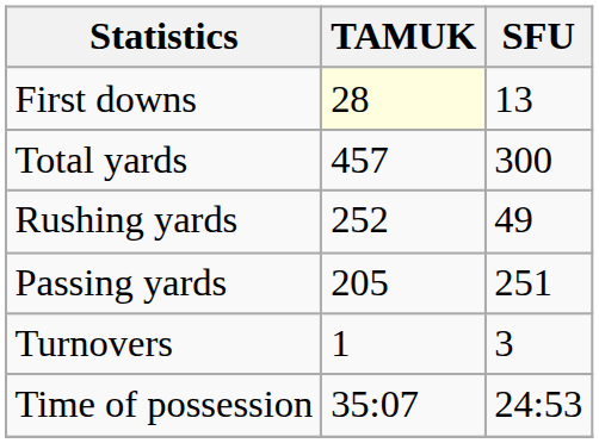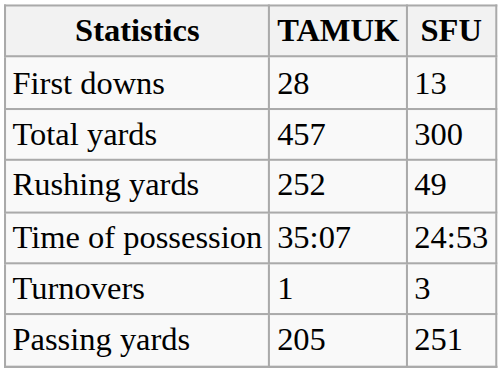 <table class="wikitable" style="float: left;">
 <tr>
 <th>Statistics</th>
 <th>TAMUK</th>
 <th>SFU</th>
 </tr>
 <tr>
 <td>First downs</td>
-<td style="background: lightyellow;">28</td>
+<td>28</td>
 <td>13</td>
 </tr>
 <tr>
 <td>Total yards</td>
 <td>457</td>
 <td>300</td>
 </tr>
 <tr>
 <td>Rushing yards</td>
 <td>252</td>
 <td>49</td>
 </tr>
 <tr>
-<td>Passing yards</td>
-<td>205</td>
-<td>251</td>
+<td>Time of possession</td>
+<td>35:07</td>
+<td>24:53</td>
 </tr>
 <tr>
 <td>Turnovers</td>
 <td>1</td>
 <td>3</td>
 </tr>
 <tr>
-<td>Time of possession</td>
-<td>35:07</td>
-<td>24:53</td>
+<td>Passing yards</td>
+<td>205</td>
+<td>251</td>
 </tr>
 <tr>
 </tr>
 </table>
